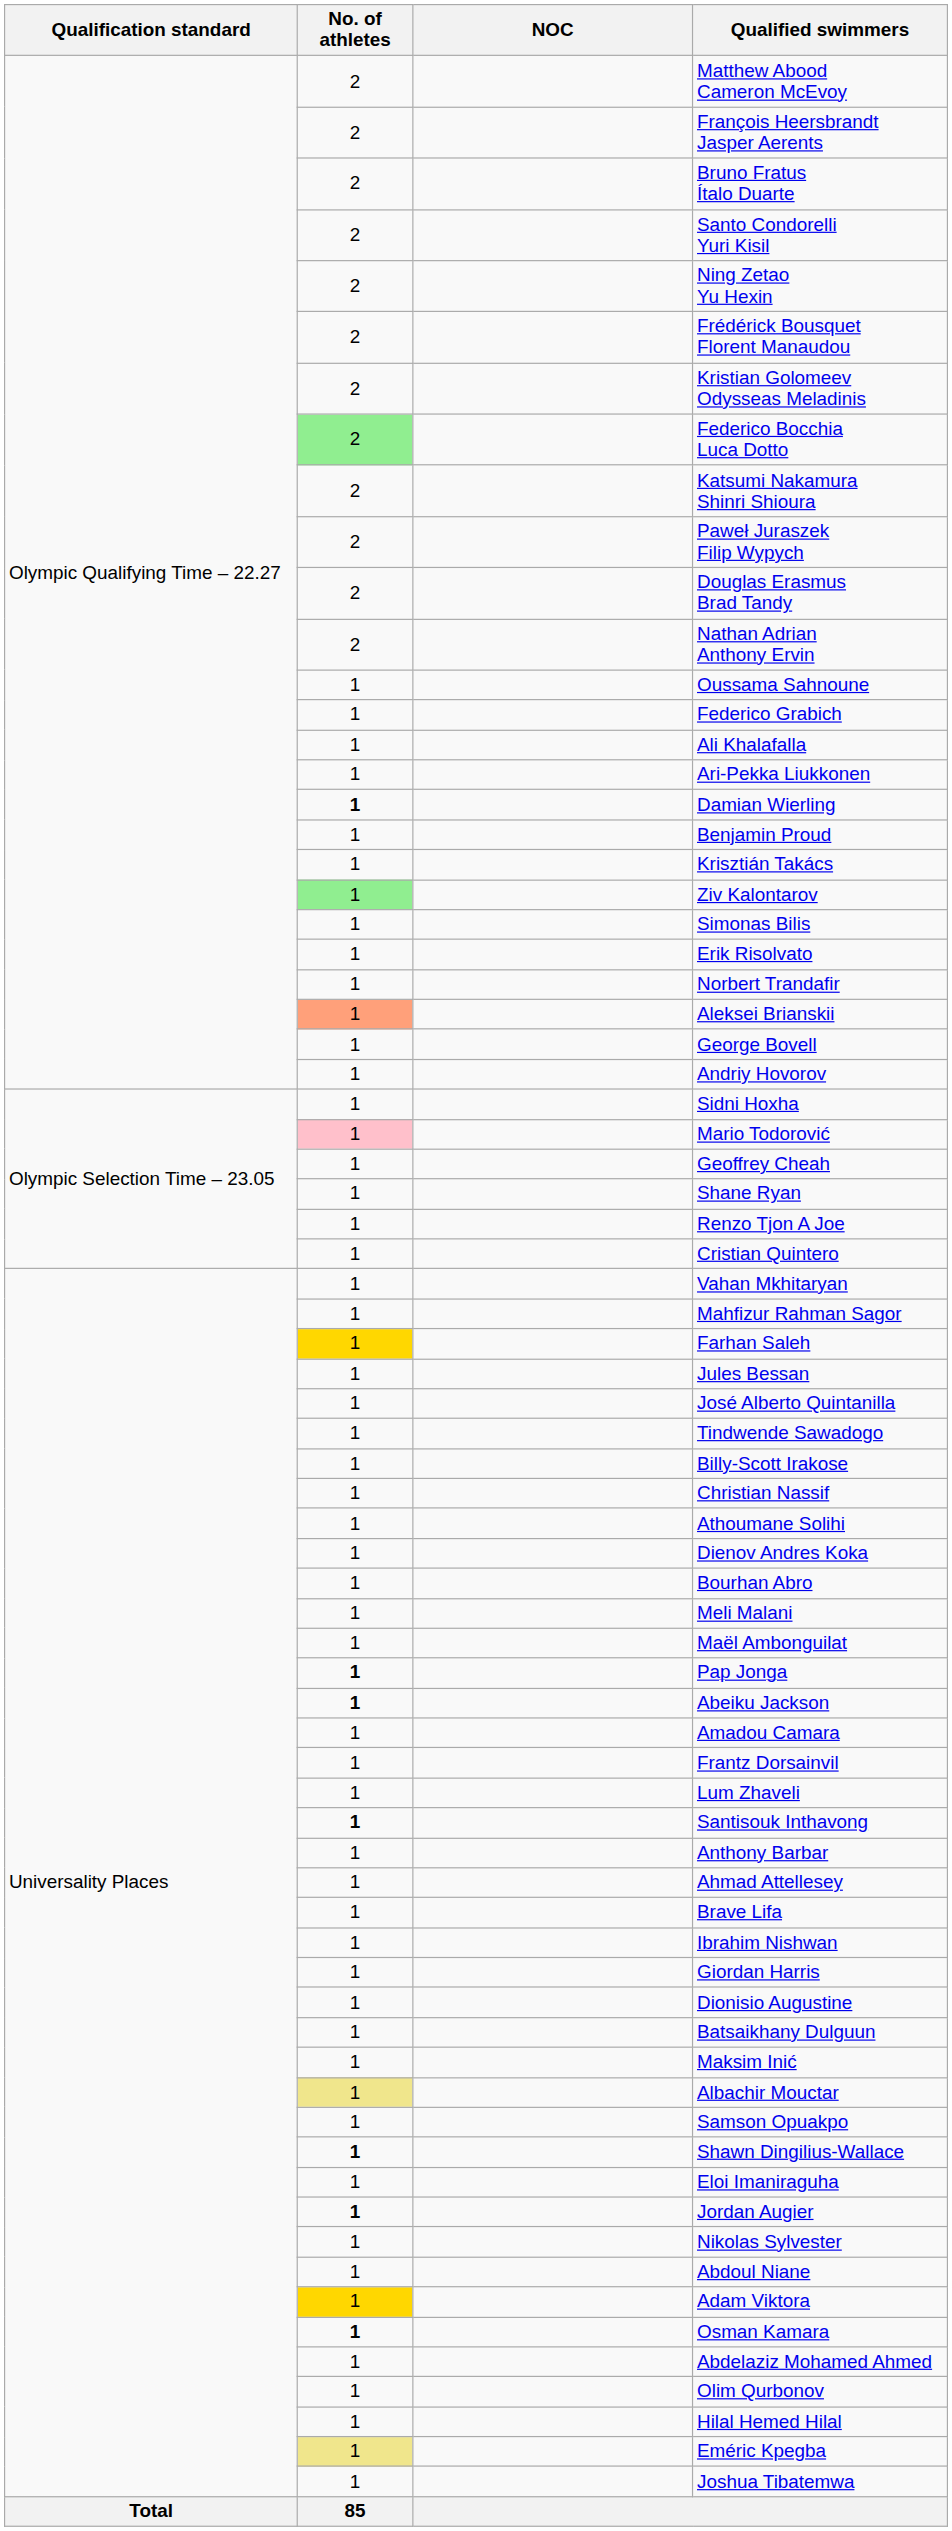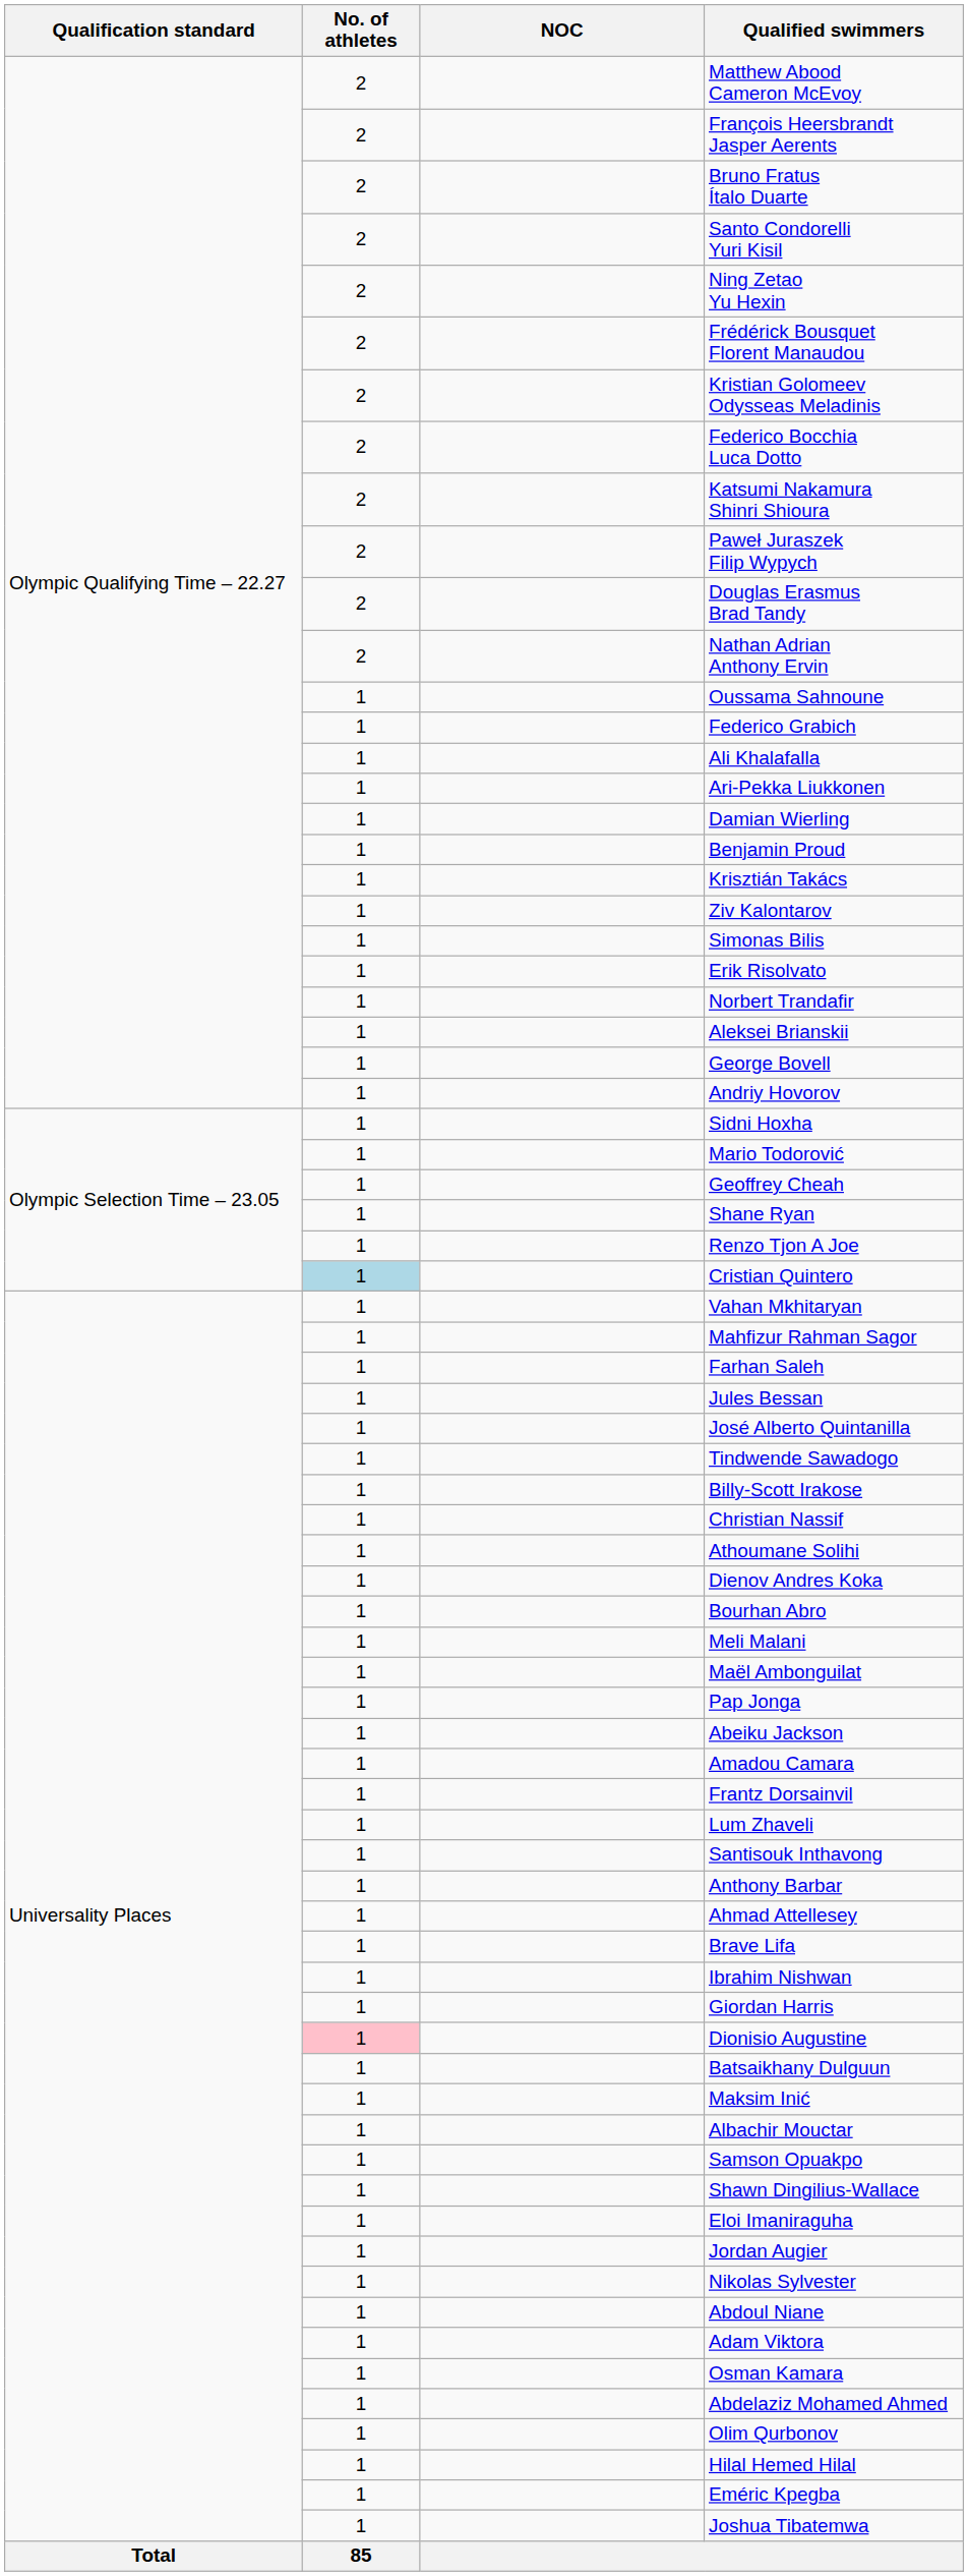 <table class=wikitable style="text-align:left" width=800>
 <tr>
 <th>Qualification standard</th>
 <th width=90>No. of athletes</th>
 <th width=230>NOC</th>
 <th>Qualified swimmers</th>
 </tr>
 <tr>
 <td rowspan=26>Olympic Qualifying Time – 22.27</td>
 <td align=center>2</td>
 <td></td>
 <td><a href='#'>Matthew Abood</a><br><a href='#'>Cameron McEvoy</a></td>
 </tr>
 <tr>
 <td align=center>2</td>
 <td></td>
 <td><a href='#'>François Heersbrandt</a><br><a href='#'>Jasper Aerents</a></td>
 </tr>
 <tr>
 <td align=center>2</td>
 <td></td>
 <td><a href='#'>Bruno Fratus</a><br><a href='#'>Ítalo Duarte</a></td>
 </tr>
 <tr>
 <td align=center>2</td>
 <td></td>
 <td><a href='#'>Santo Condorelli</a><br><a href='#'>Yuri Kisil</a></td>
 </tr>
 <tr>
 <td align=center>2</td>
 <td></td>
 <td><a href='#'>Ning Zetao</a><br><a href='#'>Yu Hexin</a></td>
 </tr>
 <tr>
 <td align=center>2</td>
 <td></td>
 <td><a href='#'>Frédérick Bousquet</a><br><a href='#'>Florent Manaudou</a></td>
 </tr>
 <tr>
 <td align=center>2</td>
 <td></td>
 <td><a href='#'>Kristian Golomeev</a><br><a href='#'>Odysseas Meladinis</a></td>
 </tr>
 <tr>
-<td align=center style="background: lightgreen;">2</td>
+<td align=center>2</td>
 <td></td>
 <td><a href='#'>Federico Bocchia</a><br><a href='#'>Luca Dotto</a></td>
 </tr>
 <tr>
 <td align=center>2</td>
 <td></td>
 <td><a href='#'>Katsumi Nakamura</a><br><a href='#'>Shinri Shioura</a></td>
 </tr>
 <tr>
 <td align=center>2</td>
 <td></td>
 <td><a href='#'>Paweł Juraszek</a><br><a href='#'>Filip Wypych</a></td>
 </tr>
 <tr>
 <td align=center>2</td>
 <td></td>
 <td><a href='#'>Douglas Erasmus</a><br><a href='#'>Brad Tandy</a></td>
 </tr>
 <tr>
 <td align=center>2</td>
 <td></td>
 <td><a href='#'>Nathan Adrian</a><br><a href='#'>Anthony Ervin</a></td>
 </tr>
 <tr>
 <td align=center>1</td>
 <td></td>
 <td><a href='#'>Oussama Sahnoune</a></td>
 </tr>
 <tr>
 <td align=center>1</td>
 <td></td>
 <td><a href='#'>Federico Grabich</a></td>
 </tr>
 <tr>
 <td align=center>1</td>
 <td></td>
 <td><a href='#'>Ali Khalafalla</a></td>
 </tr>
 <tr>
 <td align=center>1</td>
 <td></td>
 <td><a href='#'>Ari-Pekka Liukkonen</a></td>
 </tr>
 <tr>
-<td align=center><strong>1</strong></td>
+<td align=center>1</td>
 <td></td>
 <td><a href='#'>Damian Wierling</a></td>
 </tr>
 <tr>
 <td align=center>1</td>
 <td></td>
 <td><a href='#'>Benjamin Proud</a></td>
 </tr>
 <tr>
 <td align=center>1</td>
 <td></td>
 <td><a href='#'>Krisztián Takács</a></td>
 </tr>
 <tr>
-<td align=center style="background: lightgreen;">1</td>
+<td align=center>1</td>
 <td></td>
 <td><a href='#'>Ziv Kalontarov</a></td>
 </tr>
 <tr>
 <td align=center>1</td>
 <td></td>
 <td><a href='#'>Simonas Bilis</a></td>
 </tr>
 <tr>
 <td align=center>1</td>
 <td></td>
 <td><a href='#'>Erik Risolvato</a></td>
 </tr>
 <tr>
 <td align=center>1</td>
 <td></td>
 <td><a href='#'>Norbert Trandafir</a></td>
 </tr>
 <tr>
-<td align=center style="background: lightsalmon;">1</td>
+<td align=center>1</td>
 <td></td>
 <td><a href='#'>Aleksei Brianskii</a></td>
 </tr>
 <tr>
 <td align=center>1</td>
 <td></td>
 <td><a href='#'>George Bovell</a></td>
 </tr>
 <tr>
 <td align=center>1</td>
 <td></td>
 <td><a href='#'>Andriy Hovorov</a></td>
 </tr>
 <tr>
 <td rowspan=6>Olympic Selection Time – 23.05</td>
 <td align=center>1</td>
 <td></td>
 <td><a href='#'>Sidni Hoxha</a></td>
 </tr>
 <tr>
-<td align=center style="background: pink;">1</td>
+<td align=center>1</td>
 <td></td>
 <td><a href='#'>Mario Todorović</a></td>
 </tr>
 <tr>
 <td align=center>1</td>
 <td></td>
 <td><a href='#'>Geoffrey Cheah</a></td>
 </tr>
 <tr>
 <td align=center>1</td>
 <td></td>
 <td><a href='#'>Shane Ryan</a></td>
 </tr>
 <tr>
 <td align=center>1</td>
 <td></td>
 <td><a href='#'>Renzo Tjon A Joe</a></td>
 </tr>
 <tr>
-<td align=center>1</td>
+<td align=center style="background: lightblue;">1</td>
 <td></td>
 <td><a href='#'>Cristian Quintero</a></td>
 </tr>
 <tr>
 <td rowspan=41>Universality Places</td>
 <td align=center>1</td>
 <td></td>
 <td><a href='#'>Vahan Mkhitaryan</a></td>
 </tr>
 <tr>
 <td align=center>1</td>
 <td></td>
 <td><a href='#'>Mahfizur Rahman Sagor</a></td>
 </tr>
 <tr>
-<td align=center style="background: gold;">1</td>
+<td align=center>1</td>
 <td></td>
 <td><a href='#'>Farhan Saleh</a></td>
 </tr>
 <tr>
 <td align=center>1</td>
 <td></td>
 <td><a href='#'>Jules Bessan</a></td>
 </tr>
 <tr>
 <td align=center>1</td>
 <td></td>
 <td><a href='#'>José Alberto Quintanilla</a></td>
 </tr>
 <tr>
 <td align=center>1</td>
 <td></td>
 <td><a href='#'>Tindwende Sawadogo</a></td>
 </tr>
 <tr>
 <td align=center>1</td>
 <td></td>
 <td><a href='#'>Billy-Scott Irakose</a></td>
 </tr>
 <tr>
 <td align=center>1</td>
 <td></td>
 <td><a href='#'>Christian Nassif</a></td>
 </tr>
 <tr>
 <td align=center>1</td>
 <td></td>
 <td><a href='#'>Athoumane Solihi</a></td>
 </tr>
 <tr>
 <td align=center>1</td>
 <td></td>
 <td><a href='#'>Dienov Andres Koka</a></td>
 </tr>
 <tr>
 <td align=center>1</td>
 <td></td>
 <td><a href='#'>Bourhan Abro</a></td>
 </tr>
 <tr>
 <td align=center>1</td>
 <td></td>
 <td><a href='#'>Meli Malani</a></td>
 </tr>
 <tr>
 <td align=center>1</td>
 <td></td>
 <td><a href='#'>Maël Ambonguilat</a></td>
 </tr>
 <tr>
-<td align=center><strong>1</strong></td>
+<td align=center>1</td>
 <td></td>
 <td><a href='#'>Pap Jonga</a></td>
 </tr>
 <tr>
-<td align=center><strong>1</strong></td>
+<td align=center>1</td>
 <td></td>
 <td><a href='#'>Abeiku Jackson</a></td>
 </tr>
 <tr>
 <td align=center>1</td>
 <td></td>
 <td><a href='#'>Amadou Camara</a></td>
 </tr>
 <tr>
 <td align=center>1</td>
 <td></td>
 <td><a href='#'>Frantz Dorsainvil</a></td>
 </tr>
 <tr>
 <td align=center>1</td>
 <td></td>
 <td><a href='#'>Lum Zhaveli</a></td>
 </tr>
 <tr>
-<td align=center><strong>1</strong></td>
+<td align=center>1</td>
 <td></td>
 <td><a href='#'>Santisouk Inthavong</a></td>
 </tr>
 <tr>
 <td align=center>1</td>
 <td></td>
 <td><a href='#'>Anthony Barbar</a></td>
 </tr>
 <tr>
 <td align=center>1</td>
 <td></td>
 <td><a href='#'>Ahmad Attellesey</a></td>
 </tr>
 <tr>
 <td align=center>1</td>
 <td></td>
 <td><a href='#'>Brave Lifa</a></td>
 </tr>
 <tr>
 <td align=center>1</td>
 <td></td>
 <td><a href='#'>Ibrahim Nishwan</a></td>
 </tr>
 <tr>
 <td align=center>1</td>
 <td></td>
 <td><a href='#'>Giordan Harris</a></td>
 </tr>
 <tr>
-<td align=center>1</td>
+<td align=center style="background: pink;">1</td>
 <td></td>
 <td><a href='#'>Dionisio Augustine</a></td>
 </tr>
 <tr>
 <td align=center>1</td>
 <td></td>
 <td><a href='#'>Batsaikhany Dulguun</a></td>
 </tr>
 <tr>
 <td align=center>1</td>
 <td></td>
 <td><a href='#'>Maksim Inić</a></td>
 </tr>
 <tr>
-<td align=center style="background: khaki;">1</td>
+<td align=center>1</td>
 <td></td>
 <td><a href='#'>Albachir Mouctar</a></td>
 </tr>
 <tr>
 <td align=center>1</td>
 <td></td>
 <td><a href='#'>Samson Opuakpo</a></td>
 </tr>
 <tr>
-<td align=center><strong>1</strong></td>
+<td align=center>1</td>
 <td></td>
 <td><a href='#'>Shawn Dingilius-Wallace</a></td>
 </tr>
 <tr>
 <td align=center>1</td>
 <td></td>
 <td><a href='#'>Eloi Imaniraguha</a></td>
 </tr>
 <tr>
-<td align=center><strong>1</strong></td>
+<td align=center>1</td>
 <td></td>
 <td><a href='#'>Jordan Augier</a></td>
 </tr>
 <tr>
 <td align=center>1</td>
 <td></td>
 <td><a href='#'>Nikolas Sylvester</a></td>
 </tr>
 <tr>
 <td align=center>1</td>
 <td></td>
 <td><a href='#'>Abdoul Niane</a></td>
 </tr>
 <tr>
-<td align=center style="background: gold;">1</td>
+<td align=center>1</td>
 <td></td>
 <td><a href='#'>Adam Viktora</a></td>
 </tr>
 <tr>
-<td align=center><strong>1</strong></td>
+<td align=center>1</td>
 <td></td>
 <td><a href='#'>Osman Kamara</a></td>
 </tr>
 <tr>
 <td align=center>1</td>
 <td></td>
 <td><a href='#'>Abdelaziz Mohamed Ahmed</a></td>
 </tr>
 <tr>
 <td align=center>1</td>
 <td></td>
 <td><a href='#'>Olim Qurbonov</a></td>
 </tr>
 <tr>
 <td align=center>1</td>
 <td></td>
 <td><a href='#'>Hilal Hemed Hilal</a></td>
 </tr>
 <tr>
-<td align=center style="background: khaki;">1</td>
+<td align=center>1</td>
 <td></td>
 <td><a href='#'>Eméric Kpegba</a></td>
 </tr>
 <tr>
 <td align=center>1</td>
 <td></td>
 <td><a href='#'>Joshua Tibatemwa</a></td>
 </tr>
 <tr>
 <th><strong>Total</strong></th>
 <th>85</th>
 <th colspan=2></th>
 </tr>
 </table>
